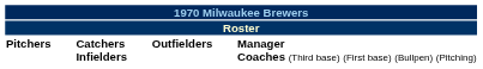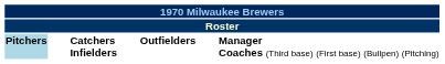 <table class="toccolours" style="font-size: 95%;">
 <tr>
 <th colspan="10" style="background-color: #00285D; color: #9ECEEE; text-align: center;">1970 Milwaukee Brewers</th>
 </tr>
 <tr>
 <td colspan="10" style="background-color: #003366; color: #FFFDD0; text-align: center;"><strong>Roster</strong></td>
 </tr>
 <tr>
-<td valign="top"><strong>Pitchers</strong><br>                  </td>
+<td valign="top" style="background: lightblue;"><strong>Pitchers</strong><br>                  </td>
 <td width="25px"></td>
 <td valign="top"><strong>Catchers</strong><br>  <strong>Infielders</strong>            </td>
 <td width="25px"></td>
 <td valign="top"><strong>Outfielders</strong><br>            </td>
 <td width="25px"></td>
 <td valign="top"><strong>Manager</strong><br> <strong>Coaches</strong>  <small>(Third base)</small>  <small>(First base)</small>  <small>(Bullpen)</small>  <small>(Pitching)</small></td>
 </tr>
 <tr>
 </tr>
 <tr>
 </tr>
 </table>
